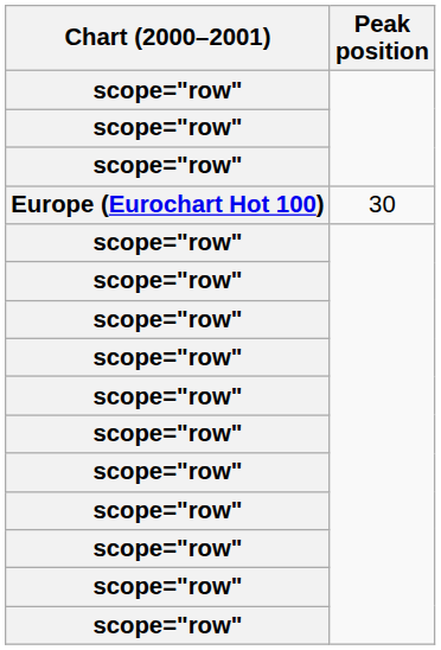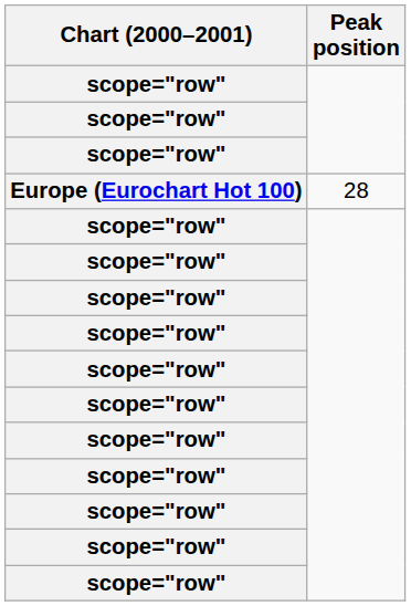 <table class="wikitable sortable plainrowheaders" style="text-align:center">
 <tr>
 <th scope="col">Chart (2000–2001)</th>
 <th scope="col">Peak<br>position</th>
 </tr>
 <tr>
 <th>scope="row"</th>
 </tr>
 <tr>
 <th>scope="row"</th>
 </tr>
 <tr>
 <th>scope="row"</th>
 </tr>
 <tr>
 <th scope="row">Europe (<a href='#'>Eurochart Hot 100</a>)</th>
-<td>30</td>
+<td>28</td>
 </tr>
 <tr>
 <th>scope="row"</th>
 </tr>
 <tr>
 <th>scope="row"</th>
 </tr>
 <tr>
 <th>scope="row"</th>
 </tr>
 <tr>
 <th>scope="row"</th>
 </tr>
 <tr>
 <th>scope="row"</th>
 </tr>
 <tr>
 <th>scope="row"</th>
 </tr>
 <tr>
 <th>scope="row"</th>
 </tr>
 <tr>
 <th>scope="row"</th>
 </tr>
 <tr>
 <th>scope="row"</th>
 </tr>
 <tr>
 <th>scope="row"</th>
 </tr>
 <tr>
 <th>scope="row"</th>
 </tr>
 </table>
